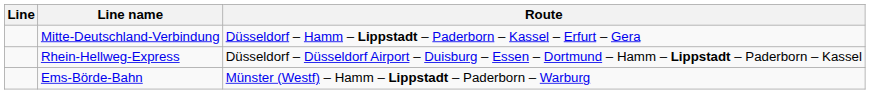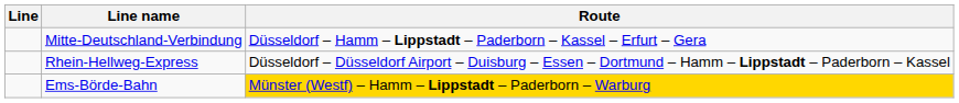 <table class="wikitable">
 <tr>
 <th>Line</th>
 <th>Line name</th>
 <th>Route</th>
 </tr>
 <tr>
 <td></td>
 <td><a href='#'>Mitte-Deutschland-Verbindung</a></td>
 <td colspan="2"><a href='#'>Düsseldorf</a> – <a href='#'>Hamm</a> – <strong>Lippstadt</strong> – <a href='#'>Paderborn</a> – <a href='#'>Kassel</a> – <a href='#'>Erfurt</a> – <a href='#'>Gera</a></td>
 </tr>
 <tr>
 <td></td>
 <td><a href='#'>Rhein-Hellweg-Express</a></td>
 <td>Düsseldorf – <a href='#'>Düsseldorf Airport</a> – <a href='#'>Duisburg</a> – <a href='#'>Essen</a> – <a href='#'>Dortmund</a> – Hamm – <strong>Lippstadt</strong> – Paderborn – Kassel</td>
 </tr>
 <tr>
 <td></td>
 <td><a href='#'>Ems-Börde-Bahn</a></td>
-<td><a href='#'>Münster (Westf)</a> – Hamm – <strong>Lippstadt</strong> – Paderborn – <a href='#'>Warburg</a></td>
+<td style="background: gold;"><a href='#'>Münster (Westf)</a> – Hamm – <strong>Lippstadt</strong> – Paderborn – <a href='#'>Warburg</a></td>
 </tr>
 </table>
